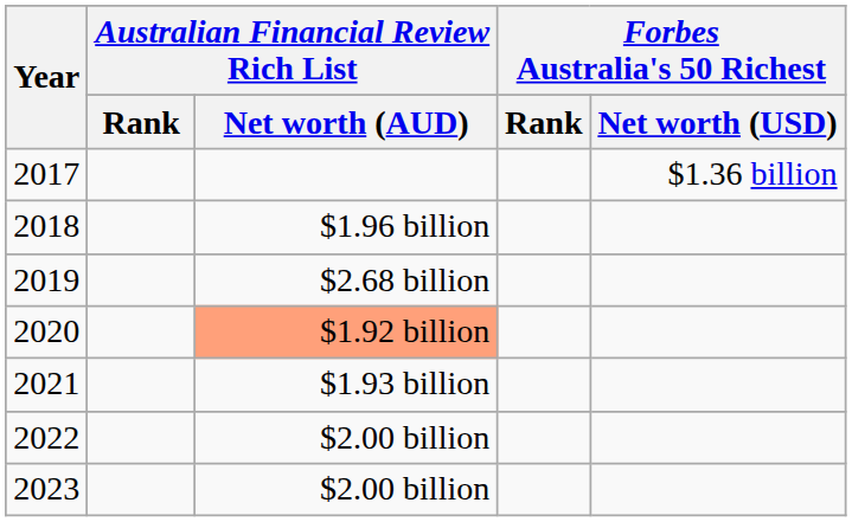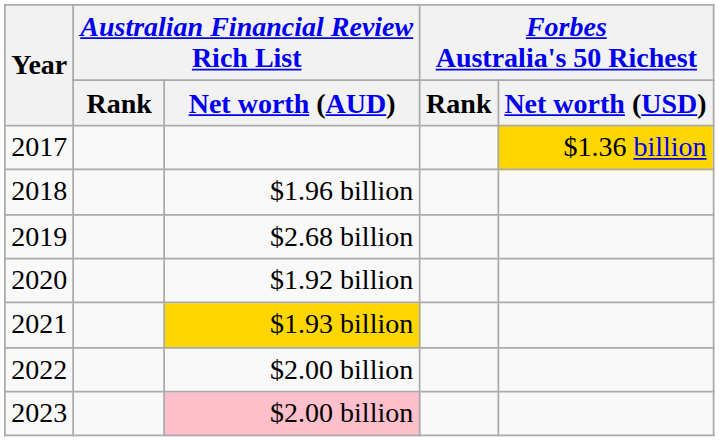 <table class="wikitable">
 <tr>
 <th rowspan=2>Year</th>
 <th colspan=2><em><a href='#'>Australian Financial Review</a></em><br><a href='#'>Rich List</a></th>
 <th colspan=2><em><a href='#'>Forbes</a></em><br><a href='#'>Australia's 50 Richest</a></th>
 </tr>
 <tr>
 <th>Rank</th>
 <th><a href='#'>Net worth</a> (<a href='#'>AUD</a>)</th>
 <th>Rank</th>
 <th><a href='#'>Net worth</a> (<a href='#'>USD</a>)</th>
 </tr>
 <tr>
 <td>2017</td>
 <td align="center"></td>
 <td align="right"></td>
 <td align="center"></td>
-<td align="right">$1.36 <a href='#'>billion</a> </td>
+<td align="right" style="background: gold;">$1.36 <a href='#'>billion</a> </td>
 </tr>
 <tr>
 <td>2018</td>
 <td align="center"></td>
 <td align="right">$1.96 billion </td>
 <td align="center"></td>
 <td align="right"></td>
 </tr>
 <tr>
 <td>2019</td>
 <td align="center"></td>
 <td align="right">$2.68 billion </td>
 <td align="center"></td>
 <td align="right"></td>
 </tr>
 <tr>
 <td>2020</td>
 <td align="center"></td>
-<td align="right" style="background: lightsalmon;">$1.92 billion </td>
+<td align="right">$1.92 billion </td>
 <td align="center"></td>
 <td align="right"></td>
 </tr>
 <tr>
 <td>2021</td>
 <td align="center"></td>
-<td align="right">$1.93 billion </td>
+<td align="right" style="background: gold;">$1.93 billion </td>
 <td align="center"></td>
 <td align="right"></td>
 </tr>
 <tr>
 <td>2022</td>
 <td align="center"></td>
 <td align="right">$2.00 billion </td>
 <td align="center"></td>
 <td align="right"></td>
 </tr>
 <tr>
 <td>2023</td>
 <td align="center"></td>
-<td align="right">$2.00 billion </td>
+<td align="right" style="background: pink;">$2.00 billion </td>
 <td align="center"></td>
 <td align="right"></td>
 </tr>
 </table>
